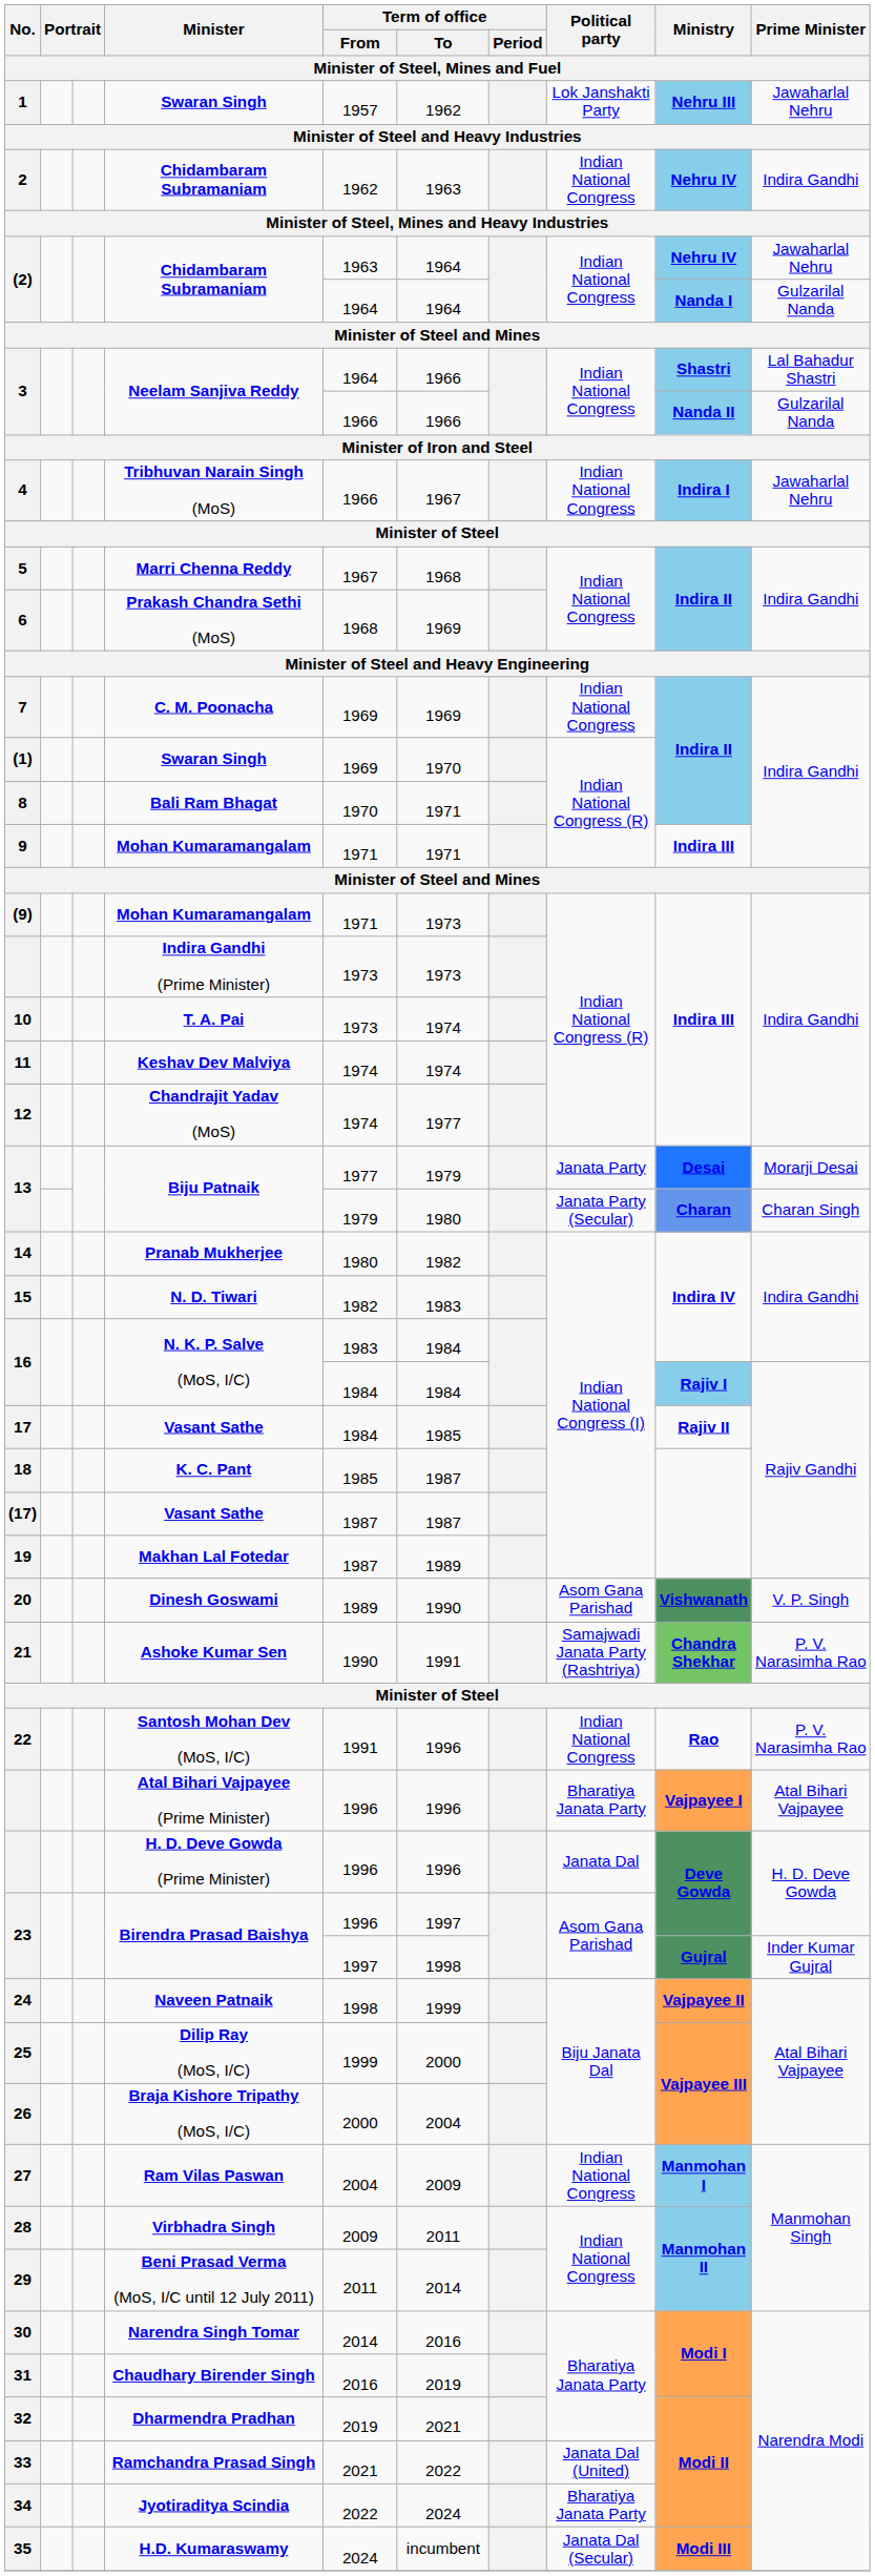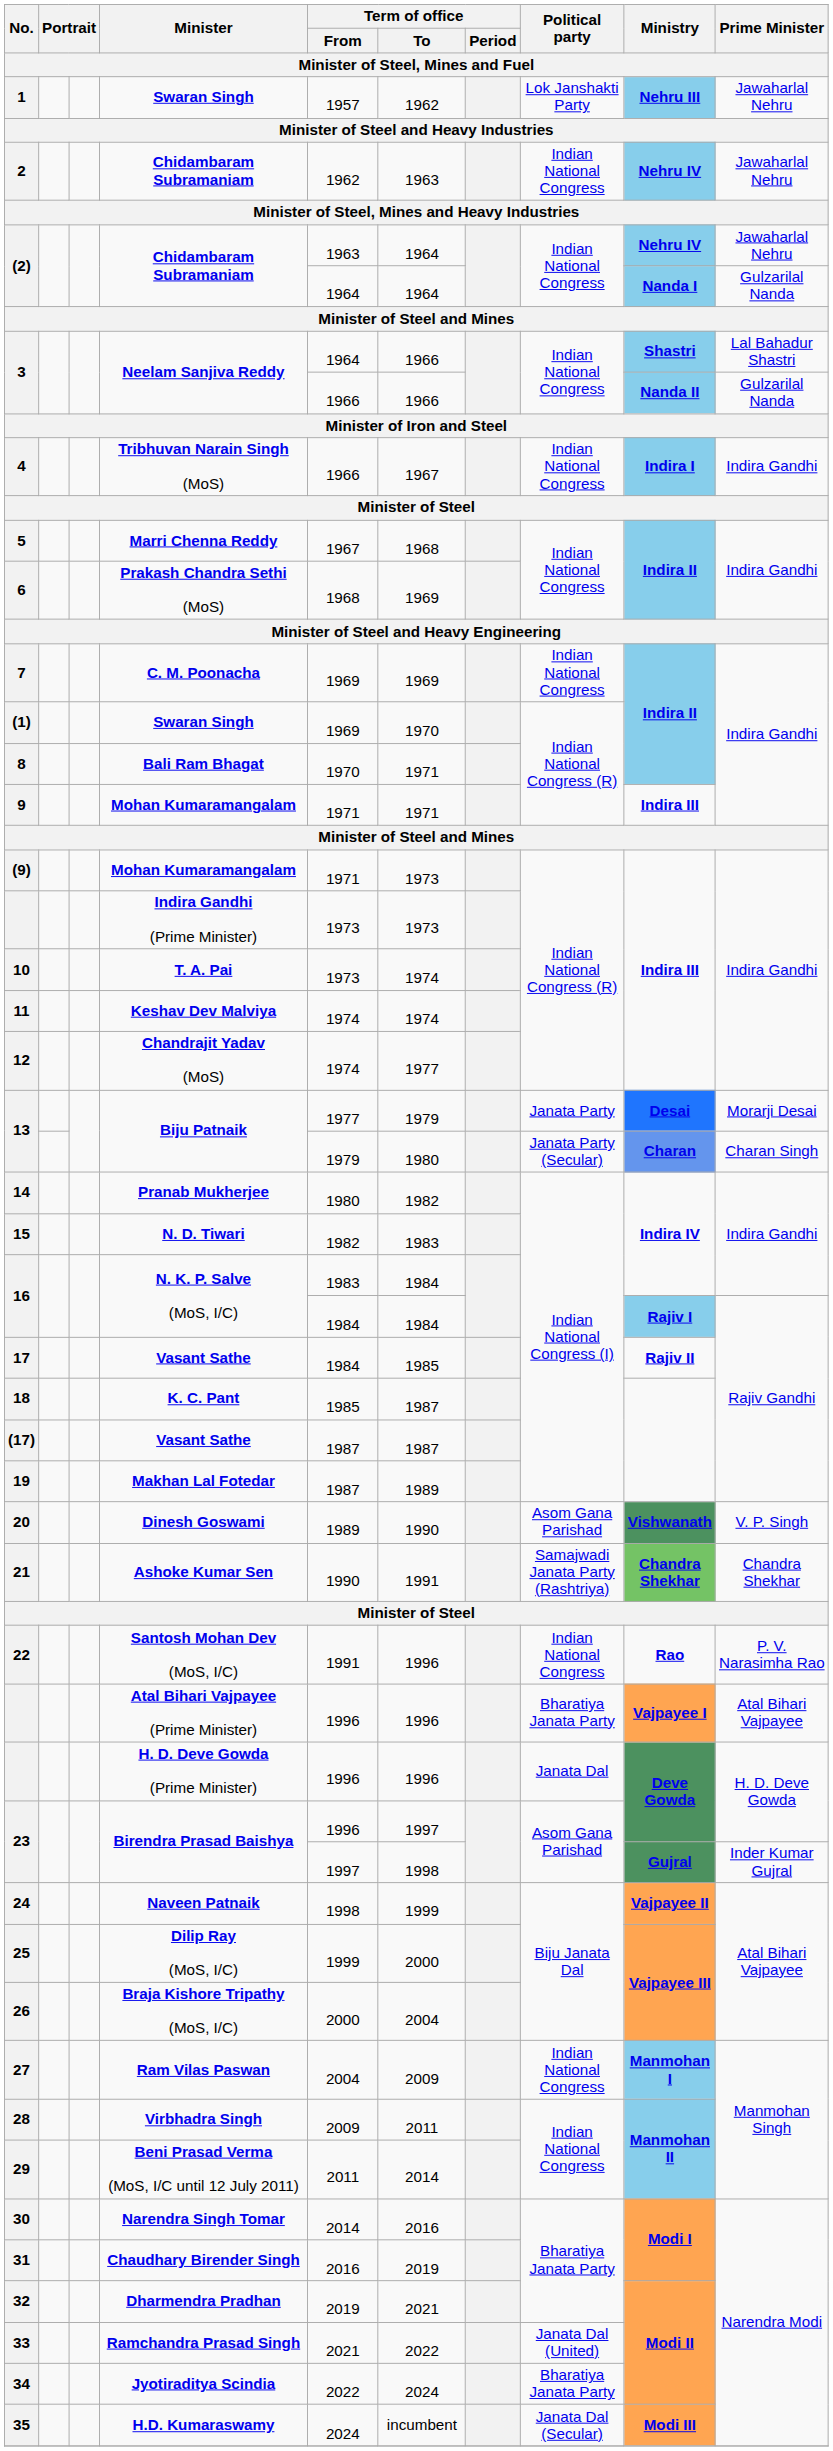 <table class="wikitable" style="text-align:center">
 <tr>
 <th rowspan="2">No.</th>
 <th rowspan="2" colspan="2">Portrait</th>
 <th rowspan="2" style="width:18em">Minister<br></th>
 <th colspan="3">Term of office</th>
 <th rowspan="2" style="width:8em">Political party</th>
 <th rowspan="2">Ministry</th>
 <th rowspan="2" style="width:9em">Prime Minister</th>
 </tr>
 <tr>
 <th style="width:6em">From</th>
 <th style="width:6em">To</th>
 <th>Period</th>
 </tr>
 <tr>
 <th colspan="10">Minister of Steel, Mines and Fuel</th>
 </tr>
 <tr>
 <th>1</th>
 <td></td>
 <td></td>
 <td><strong><a href='#'>Swaran Singh</a></strong><br></td>
 <td><br>1957</td>
 <td><br>1962</td>
 <th></th>
 <td><a href='#'>Lok Janshakti Party</a></td>
 <td bgcolor="#87CEEB"><strong><a href='#'>Nehru III</a></strong></td>
 <td><a href='#'>Jawaharlal Nehru</a></td>
 </tr>
 <tr>
 <th colspan="10">Minister of Steel and Heavy Industries</th>
 </tr>
 <tr>
 <th>2</th>
 <td></td>
 <td></td>
 <td><strong><a href='#'>Chidambaram Subramaniam</a></strong><br></td>
 <td><br>1962</td>
 <td><br>1963</td>
 <th></th>
 <td><a href='#'>Indian National Congress</a></td>
 <td bgcolor="#87CEEB"><strong><a href='#'>Nehru IV</a></strong></td>
-<td><a href='#'>Indira Gandhi</a></td>
+<td><a href='#'>Jawaharlal Nehru</a></td>
 </tr>
 <tr>
 <th colspan="10">Minister of Steel, Mines and Heavy Industries</th>
 </tr>
 <tr>
 <th rowspan="2">(2)</th>
 <td rowspan="2"></td>
 <td rowspan="2"></td>
 <td rowspan="2"><strong><a href='#'>Chidambaram Subramaniam</a></strong><br></td>
 <td><br>1963</td>
 <td><br>1964</td>
 <th rowspan="2"></th>
 <td rowspan="2"><a href='#'>Indian National Congress</a></td>
 <td bgcolor="#87CEEB"><strong><a href='#'>Nehru IV</a></strong></td>
 <td><a href='#'>Jawaharlal Nehru</a></td>
 </tr>
 <tr>
 <td><br>1964</td>
 <td><br>1964</td>
 <td bgcolor="#87CEEB"><strong><a href='#'>Nanda I</a></strong></td>
 <td><a href='#'>Gulzarilal Nanda</a><br></td>
 </tr>
 <tr>
 <th colspan="10">Minister of Steel and Mines</th>
 </tr>
 <tr>
 <th rowspan="2">3</th>
 <td rowspan="2"></td>
 <td rowspan="2"></td>
 <td rowspan="2"><strong><a href='#'>Neelam Sanjiva Reddy</a></strong><br></td>
 <td><br>1964</td>
 <td><br>1966</td>
 <th rowspan="2"></th>
 <td rowspan="2"><a href='#'>Indian National Congress</a></td>
 <td bgcolor="#87CEEB"><strong><a href='#'>Shastri</a></strong></td>
 <td><a href='#'>Lal Bahadur Shastri</a></td>
 </tr>
 <tr>
 <td><br>1966</td>
 <td><br>1966</td>
 <td bgcolor="#87CEEB"><strong><a href='#'>Nanda II</a></strong></td>
 <td><a href='#'>Gulzarilal Nanda</a><br></td>
 </tr>
 <tr>
 <th colspan="10">Minister of Iron and Steel</th>
 </tr>
 <tr>
 <th>4</th>
 <td></td>
 <td></td>
 <td><strong><a href='#'>Tribhuvan Narain Singh</a></strong><br><br>(MoS)</td>
 <td><br>1966</td>
 <td><br>1967</td>
 <th></th>
 <td><a href='#'>Indian National Congress</a></td>
 <td bgcolor="#87CEEB"><strong><a href='#'>Indira I</a></strong></td>
-<td><a href='#'>Jawaharlal Nehru</a></td>
+<td><a href='#'>Indira Gandhi</a></td>
 </tr>
 <tr>
 <th colspan="10">Minister of Steel</th>
 </tr>
 <tr>
 <th>5</th>
 <td></td>
 <td></td>
 <td><strong><a href='#'>Marri Chenna Reddy</a></strong><br></td>
 <td><br>1967</td>
 <td><br>1968</td>
 <th></th>
 <td rowspan="2"><a href='#'>Indian National Congress</a></td>
 <td rowspan="2" bgcolor="#87CEEB"><strong><a href='#'>Indira II</a></strong></td>
 <td rowspan="2"><a href='#'>Indira Gandhi</a></td>
 </tr>
 <tr>
 <th>6</th>
 <td></td>
 <td></td>
 <td><strong><a href='#'>Prakash Chandra Sethi</a></strong><br><br>(MoS)</td>
 <td><br>1968</td>
 <td><br>1969</td>
 <th></th>
 </tr>
 <tr>
 <th colspan="10">Minister of Steel and Heavy Engineering</th>
 </tr>
 <tr>
 <th>7</th>
 <td></td>
 <td></td>
 <td><strong><a href='#'>C. M. Poonacha</a></strong><br></td>
 <td><br>1969</td>
 <td><br>1969</td>
 <th></th>
 <td><a href='#'>Indian National Congress</a></td>
 <td rowspan="3" bgcolor="#87CEEB"><strong><a href='#'>Indira II</a></strong></td>
 <td rowspan="4"><a href='#'>Indira Gandhi</a></td>
 </tr>
 <tr>
 <th>(1)</th>
 <td></td>
 <td></td>
 <td><strong><a href='#'>Swaran Singh</a></strong><br></td>
 <td><br>1969</td>
 <td><br>1970</td>
 <th></th>
 <td rowspan="3"><a href='#'>Indian National Congress (R)</a></td>
 </tr>
 <tr>
 <th>8</th>
 <td></td>
 <td></td>
 <td><strong><a href='#'>Bali Ram Bhagat</a></strong><br></td>
 <td><br>1970</td>
 <td><br>1971</td>
 <th></th>
 </tr>
 <tr>
 <th>9</th>
 <td></td>
 <td></td>
 <td><strong><a href='#'>Mohan Kumaramangalam</a></strong><br></td>
 <td><br>1971</td>
 <td><br>1971</td>
 <th></th>
 <td><strong><a href='#'>Indira III</a></strong></td>
 </tr>
 <tr>
 <th colspan="10">Minister of Steel and Mines</th>
 </tr>
 <tr>
 <th>(9)</th>
 <td></td>
 <td></td>
 <td><strong><a href='#'>Mohan Kumaramangalam</a></strong><br></td>
 <td><br>1971</td>
 <td><br>1973</td>
 <th></th>
 <td rowspan="5"><a href='#'>Indian National Congress (R)</a></td>
 <td rowspan="5"><strong><a href='#'>Indira III</a></strong></td>
 <td rowspan="5"><a href='#'>Indira Gandhi</a></td>
 </tr>
 <tr>
 <th></th>
 <td></td>
 <td></td>
 <td><strong><a href='#'>Indira Gandhi</a></strong><br><br>(Prime Minister)</td>
 <td><br>1973</td>
 <td><br>1973</td>
 <th></th>
 </tr>
 <tr>
 <th>10</th>
 <td></td>
 <td></td>
 <td><strong><a href='#'>T. A. Pai</a></strong><br></td>
 <td><br>1973</td>
 <td><br>1974</td>
 <th></th>
 </tr>
 <tr>
 <th>11</th>
 <td></td>
 <td></td>
 <td><strong><a href='#'>Keshav Dev Malviya</a></strong><br></td>
 <td><br>1974</td>
 <td><br>1974</td>
 <th></th>
 </tr>
 <tr>
 <th>12</th>
 <td></td>
 <td></td>
 <td><strong><a href='#'>Chandrajit Yadav</a></strong><br><br>(MoS)</td>
 <td><br>1974</td>
 <td><br>1977</td>
 <th></th>
 </tr>
 <tr>
 <th rowspan="2">13</th>
 <td></td>
 <td rowspan="2"></td>
 <td rowspan="2"><strong><a href='#'>Biju Patnaik</a></strong><br></td>
 <td><br>1977</td>
 <td><br>1979</td>
 <th></th>
 <td><a href='#'>Janata Party</a></td>
 <td bgcolor="#1F75FE"><strong><a href='#'>Desai</a></strong></td>
 <td><a href='#'>Morarji Desai</a></td>
 </tr>
 <tr>
 <td></td>
 <td><br>1979</td>
 <td><br>1980</td>
 <th></th>
 <td><a href='#'>Janata Party (Secular)</a></td>
 <td bgcolor="#6495ED"><strong><a href='#'>Charan</a></strong></td>
 <td><a href='#'>Charan Singh</a></td>
 </tr>
 <tr>
 <th>14</th>
 <td></td>
 <td></td>
 <td><strong><a href='#'>Pranab Mukherjee</a></strong><br></td>
 <td><br>1980</td>
 <td><br>1982</td>
 <th></th>
 <td rowspan="8"><a href='#'>Indian National Congress (I)</a></td>
 <td rowspan="3"><strong><a href='#'>Indira IV</a></strong></td>
 <td rowspan="3"><a href='#'>Indira Gandhi</a></td>
 </tr>
 <tr>
 <th>15</th>
 <td></td>
 <td></td>
 <td><strong><a href='#'>N. D. Tiwari</a></strong><br></td>
 <td><br>1982</td>
 <td><br>1983</td>
 <th></th>
 </tr>
 <tr>
 <th rowspan="2">16</th>
 <td rowspan="2"></td>
 <td rowspan="2"></td>
 <td rowspan="2"><strong><a href='#'>N. K. P. Salve</a></strong><br><br>(MoS, I/C)</td>
 <td><br>1983</td>
 <td><br>1984</td>
 <th rowspan="2"></th>
 </tr>
 <tr>
 <td><br>1984</td>
 <td><br>1984</td>
 <td bgcolor="#87CEEB"><strong><a href='#'>Rajiv I</a></strong></td>
 <td rowspan="5"><a href='#'>Rajiv Gandhi</a></td>
 </tr>
 <tr>
 <th>17</th>
 <td></td>
 <td></td>
 <td><strong><a href='#'>Vasant Sathe</a></strong><br></td>
 <td><br>1984</td>
 <td><br>1985</td>
 <th></th>
 <td><a href='#'><strong>Rajiv II</strong></a></td>
 </tr>
 <tr>
 <th>18</th>
 <td></td>
 <td></td>
 <td><strong><a href='#'>K. C. Pant</a></strong><br></td>
 <td><br>1985</td>
 <td><br>1987</td>
 <th></th>
 </tr>
 <tr>
 <th>(17)</th>
 <td></td>
 <td></td>
 <td><strong><a href='#'>Vasant Sathe</a></strong><br></td>
 <td><br>1987</td>
 <td><br>1987</td>
 <th></th>
 </tr>
 <tr>
 <th>19</th>
 <td></td>
 <td></td>
 <td><strong><a href='#'>Makhan Lal Fotedar</a></strong><br></td>
 <td><br>1987</td>
 <td><br>1989</td>
 <th></th>
 </tr>
 <tr>
 <th>20</th>
 <td></td>
 <td></td>
 <td><strong><a href='#'>Dinesh Goswami</a></strong><br></td>
 <td><br>1989</td>
 <td><br>1990</td>
 <th></th>
 <td><a href='#'>Asom Gana Parishad</a></td>
 <td style="background:#4C915F"><strong><a href='#'>Vishwanath</a></strong></td>
 <td><a href='#'>V. P. Singh</a></td>
 </tr>
 <tr>
 <th>21</th>
 <td></td>
 <td></td>
 <td><strong><a href='#'>Ashoke Kumar Sen</a></strong><br></td>
 <td><br>1990</td>
 <td><br>1991</td>
 <th></th>
 <td><a href='#'>Samajwadi Janata Party (Rashtriya)</a></td>
 <td style="background:#74C365"><strong><a href='#'>Chandra Shekhar</a></strong></td>
-<td><a href='#'>P. V. Narasimha Rao</a></td>
+<td><a href='#'>Chandra Shekhar</a></td>
 </tr>
 <tr>
 <th colspan="10">Minister of Steel</th>
 </tr>
 <tr>
 <th>22</th>
 <td></td>
 <td></td>
 <td><strong><a href='#'>Santosh Mohan Dev</a></strong><br><br>(MoS, I/C)</td>
 <td><br>1991</td>
 <td><br>1996</td>
 <th></th>
 <td><a href='#'>Indian National Congress</a></td>
 <td><a href='#'><strong>Rao</strong></a></td>
 <td><a href='#'>P. V. Narasimha Rao</a></td>
 </tr>
 <tr>
 <th></th>
 <td></td>
 <td></td>
 <td><strong><a href='#'>Atal Bihari Vajpayee</a></strong><br><br>(Prime Minister)</td>
 <td><br>1996</td>
 <td><br>1996</td>
 <th></th>
 <td><a href='#'>Bharatiya Janata Party</a></td>
 <td style="background:#FFA551;"><strong><a href='#'>Vajpayee I</a></strong></td>
 <td><a href='#'>Atal Bihari Vajpayee</a></td>
 </tr>
 <tr>
 <th></th>
 <td></td>
 <td></td>
 <td><strong><a href='#'>H. D. Deve Gowda</a></strong><br><br>(Prime Minister)</td>
 <td><br>1996</td>
 <td><br>1996</td>
 <th></th>
 <td><a href='#'>Janata Dal</a></td>
 <td rowspan="2" style="background:#4C915F"><strong><a href='#'>Deve Gowda</a></strong></td>
 <td rowspan="2"><a href='#'>H. D. Deve Gowda</a></td>
 </tr>
 <tr>
 <th rowspan="2">23</th>
 <td rowspan="2"></td>
 <td rowspan="2"></td>
 <td rowspan="2"><strong><a href='#'>Birendra Prasad Baishya</a></strong><br></td>
 <td><br>1996</td>
 <td><br>1997</td>
 <th rowspan="2"></th>
 <td rowspan="2"><a href='#'>Asom Gana Parishad</a></td>
 </tr>
 <tr>
 <td><br>1997</td>
 <td><br>1998</td>
 <td style="background:#4C915F"><strong><a href='#'>Gujral</a></strong></td>
 <td><a href='#'>Inder Kumar Gujral</a></td>
 </tr>
 <tr>
 <th>24</th>
 <td></td>
 <td></td>
 <td><strong><a href='#'>Naveen Patnaik</a></strong><br></td>
 <td><br>1998</td>
 <td><br>1999</td>
 <th></th>
 <td rowspan="3"><a href='#'>Biju Janata Dal</a></td>
 <td style="background:#FFA551;"><strong><a href='#'>Vajpayee II</a></strong></td>
 <td rowspan="3"><a href='#'>Atal Bihari Vajpayee</a></td>
 </tr>
 <tr>
 <th>25</th>
 <td></td>
 <td></td>
 <td><strong><a href='#'>Dilip Ray</a></strong><br><br>(MoS, I/C)</td>
 <td><br>1999</td>
 <td><br>2000</td>
 <th></th>
 <td rowspan="2" style="background:#FFA551;"><strong><a href='#'>Vajpayee III</a></strong></td>
 </tr>
 <tr>
 <th>26</th>
 <td></td>
 <td></td>
 <td><strong><a href='#'>Braja Kishore Tripathy</a></strong><br><br>(MoS, I/C)</td>
 <td><br>2000</td>
 <td><br>2004</td>
 <th></th>
 </tr>
 <tr>
 <th>27</th>
 <td></td>
 <td></td>
 <td><strong><a href='#'>Ram Vilas Paswan</a></strong><br></td>
 <td><br>2004</td>
 <td><br>2009</td>
 <th></th>
 <td><a href='#'>Indian National Congress</a></td>
 <td bgcolor="#87CEEB"><a href='#'><strong>Manmohan I</strong></a></td>
 <td rowspan="3"><a href='#'>Manmohan Singh</a></td>
 </tr>
 <tr>
 <th>28</th>
 <td></td>
 <td></td>
 <td><strong><a href='#'>Virbhadra Singh</a></strong><br></td>
 <td><br>2009</td>
 <td><br>2011</td>
 <th></th>
 <td rowspan="2"><a href='#'>Indian National Congress</a></td>
 <td rowspan="2" bgcolor="#87CEEB"><a href='#'><strong>Manmohan II</strong></a></td>
 </tr>
 <tr>
 <th>29</th>
 <td></td>
 <td></td>
 <td><strong><a href='#'>Beni Prasad Verma</a></strong><br><br>(MoS, I/C until 12 July 2011)</td>
 <td><br>2011</td>
 <td><br>2014</td>
 <th></th>
 </tr>
 <tr>
 <th>30</th>
 <td></td>
 <td></td>
 <td><strong><a href='#'>Narendra Singh Tomar</a></strong><br></td>
 <td><br>2014</td>
 <td><br>2016</td>
 <th></th>
 <td rowspan="3"><a href='#'>Bharatiya Janata Party</a></td>
 <td rowspan="2" style="background:#FFA551;"><strong><a href='#'>Modi I</a></strong></td>
 <td rowspan="6"><a href='#'>Narendra Modi</a></td>
 </tr>
 <tr>
 <th>31</th>
 <td></td>
 <td></td>
 <td><a href='#'><strong>Chaudhary Birender Singh</strong></a><br></td>
 <td><br>2016</td>
 <td><br>2019</td>
 <th></th>
 </tr>
 <tr>
 <th>32</th>
 <td></td>
 <td></td>
 <td><strong><a href='#'>Dharmendra Pradhan</a></strong><br></td>
 <td><br>2019</td>
 <td><br>2021</td>
 <th></th>
 <td rowspan="3" style="background:#FFA551;"><strong><a href='#'>Modi II</a></strong></td>
 </tr>
 <tr>
 <th>33</th>
 <td></td>
 <td></td>
 <td><strong><a href='#'>Ramchandra Prasad Singh</a></strong><br></td>
 <td><br>2021</td>
 <td><br>2022</td>
 <th></th>
 <td><a href='#'>Janata Dal (United)</a></td>
 </tr>
 <tr>
 <th>34</th>
 <td></td>
 <td></td>
 <td><strong><a href='#'>Jyotiraditya Scindia</a></strong><br></td>
 <td><br>2022</td>
 <td><br>2024</td>
 <th></th>
 <td><a href='#'>Bharatiya Janata Party</a></td>
 </tr>
 <tr>
 <th>35</th>
 <td></td>
 <td></td>
 <td><strong><a href='#'>H.D. Kumaraswamy</a></strong><br></td>
 <td><br>2024</td>
 <td>incumbent</td>
 <th></th>
 <td><a href='#'>Janata Dal (Secular)</a></td>
 <td rowspan="1" style="background:#FFA551;"><strong><a href='#'>Modi III</a></strong></td>
 </tr>
 <tr>
 </tr>
 </table>
